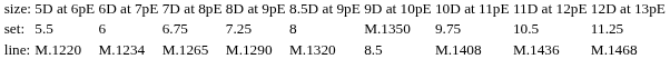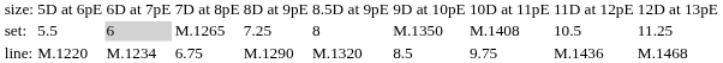 <table style="margin-left:40px;">
 <tr>
 <td>size:</td>
 <td>5D at 6pE</td>
 <td>6D at 7pE</td>
 <td>7D at 8pE</td>
 <td>8D at 9pE</td>
 <td>8.5D at 9pE</td>
 <td>9D at 10pE</td>
 <td>10D at 11pE</td>
 <td>11D at 12pE</td>
 <td>12D at 13pE</td>
 </tr>
 <tr>
 <td>set:</td>
 <td>5.5</td>
-<td>6</td>
-<td>6.75</td>
+<td style="background: lightgrey;">6</td>
+<td>M.1265</td>
 <td>7.25</td>
 <td>8</td>
 <td>M.1350</td>
-<td>9.75</td>
+<td>M.1408</td>
 <td>10.5</td>
 <td>11.25</td>
 </tr>
 <tr>
 <td>line:</td>
 <td>M.1220</td>
 <td>M.1234</td>
-<td>M.1265</td>
+<td>6.75</td>
 <td>M.1290</td>
 <td>M.1320</td>
 <td>8.5</td>
-<td>M.1408</td>
+<td>9.75</td>
 <td>M.1436</td>
 <td>M.1468</td>
 </tr>
 </table>
